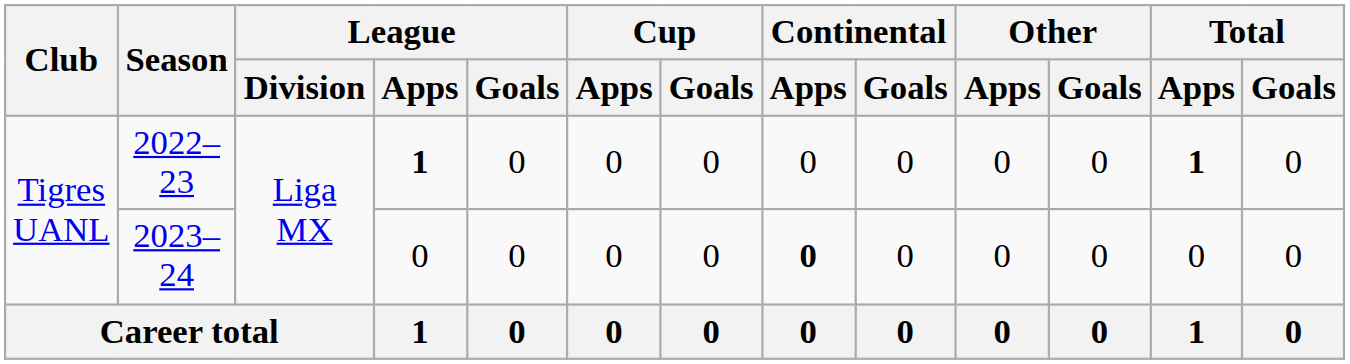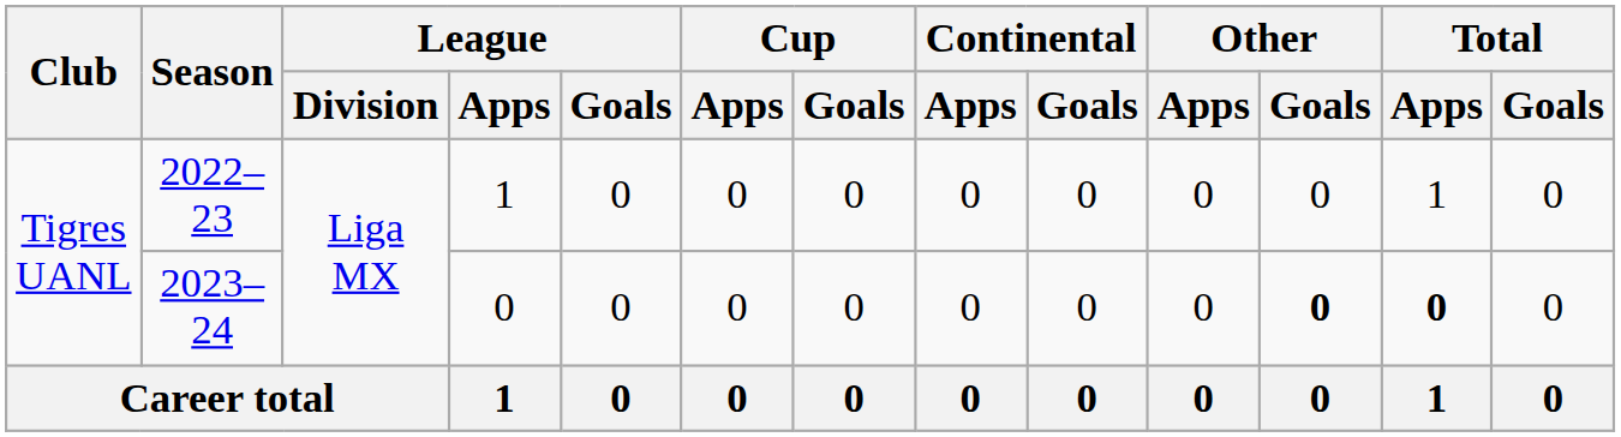 <table class=wikitable style=text-align:center>
 <tr>
 <th rowspan="2">Club</th>
 <th rowspan="2">Season</th>
 <th colspan="3">League</th>
 <th colspan="2">Cup</th>
 <th colspan="2">Continental</th>
 <th colspan="2">Other</th>
 <th colspan="2">Total</th>
 </tr>
 <tr>
 <th>Division</th>
 <th>Apps</th>
 <th>Goals</th>
 <th>Apps</th>
 <th>Goals</th>
 <th>Apps</th>
 <th>Goals</th>
 <th>Apps</th>
 <th>Goals</th>
 <th>Apps</th>
 <th>Goals</th>
 </tr>
 <tr>
 <td rowspan="2"><a href='#'>Tigres UANL</a></td>
 <td><a href='#'>2022–23</a></td>
 <td rowspan="2"><a href='#'>Liga MX</a></td>
-<td><strong>1</strong></td>
+<td>1</td>
 <td>0</td>
 <td>0</td>
 <td>0</td>
 <td>0</td>
 <td>0</td>
 <td>0</td>
 <td>0</td>
-<td><strong>1</strong></td>
+<td>1</td>
 <td>0</td>
 </tr>
 <tr>
 <td><a href='#'>2023–24</a></td>
 <td>0</td>
 <td>0</td>
 <td>0</td>
 <td>0</td>
-<td><strong>0</strong></td>
 <td>0</td>
 <td>0</td>
 <td>0</td>
-<td>0</td>
+<td><strong>0</strong></td>
+<td><strong>0</strong></td>
 <td>0</td>
 </tr>
 <tr>
 <th colspan="3">Career total</th>
 <th>1</th>
 <th>0</th>
 <th>0</th>
 <th>0</th>
 <th>0</th>
 <th>0</th>
 <th>0</th>
 <th>0</th>
 <th>1</th>
 <th>0</th>
 </tr>
 </table>
